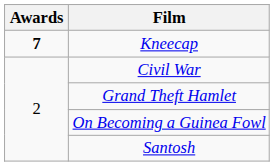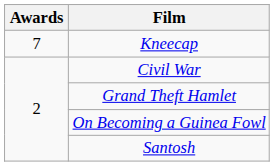 <table class="wikitable plainrowheaders" style="text-align:center;">
 <tr>
 <th scope="col" style="width:55px;">Awards</th>
 <th scope="col" style="text-align:center;">Film</th>
 </tr>
 <tr>
-<td scope=row style="text-align:center"><strong>7</strong></td>
+<td scope=row style="text-align:center">7</td>
 <td><em><a href='#'>Kneecap</a></em></td>
 </tr>
 <tr>
 <td rowspan="4" scope=row style="text-align:center">2</td>
 <td><em><a href='#'>Civil War</a></em></td>
 </tr>
 <tr>
 <td><em><a href='#'>Grand Theft Hamlet</a></em></td>
 </tr>
 <tr>
 <td><em><a href='#'>On Becoming a Guinea Fowl</a></em></td>
 </tr>
 <tr>
 <td><em><a href='#'>Santosh</a></em></td>
 </tr>
 </table>
